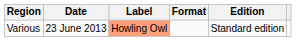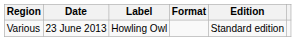 <table class="wikitable plainrowheaders">
 <tr>
 <th scope="col">Region</th>
 <th scope="col">Date</th>
 <th scope="col">Label</th>
 <th scope="col">Format</th>
 <th scope="col">Edition</th>
 <th scope="col"></th>
 </tr>
 <tr>
 <td>Various</td>
 <td rowspan="2">23 June 2013</td>
-<td style="background: lightsalmon;">Howling Owl</td>
+<td>Howling Owl</td>
 <td></td>
 <td rowspan="2">Standard edition</td>
 <td></td>
 </tr>
 </table>
